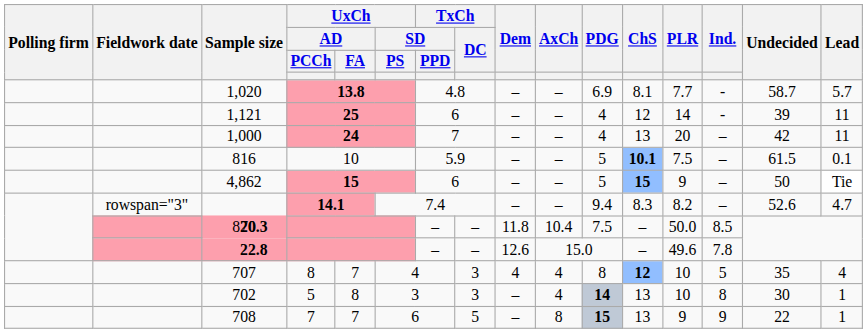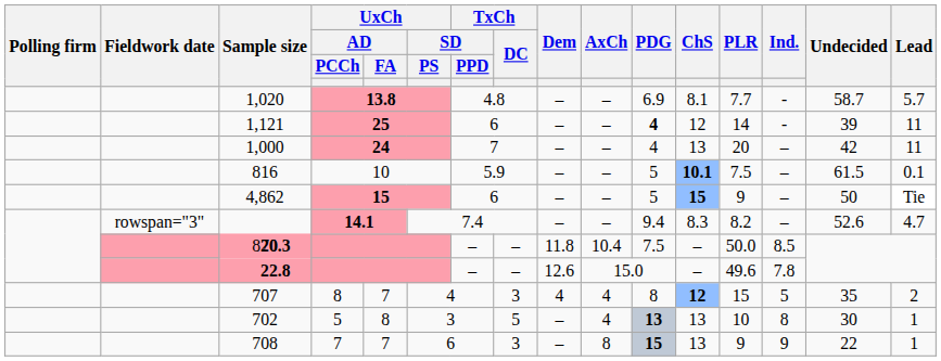 <table class="wikitable sortable tpl-blanktable" style="text-align:center;font-size:90%;line-height:14px;">
 <tr>
 <th rowspan="4">Polling firm</th>
 <th rowspan="4">Fieldwork date</th>
 <th rowspan="4">Sample size</th>
 <th colspan="3"><a href='#'>UxCh</a></th>
 <th colspan="2"><a href='#'>TxCh</a></th>
 <th rowspan="3" class="unsortable" style="width:30px;"><a href='#'>Dem</a></th>
 <th rowspan="3" class="unsortable" style="width:30px;"><a href='#'>AxCh</a></th>
 <th rowspan="3" class="unsortable" style="width:30px;"><a href='#'>PDG</a></th>
 <th rowspan="3" class="unsortable" style="width:30px;"><a href='#'>ChS</a></th>
 <th rowspan="3" class="unsortable" style="width:30px;"><a href='#'>PLR</a></th>
 <th rowspan="3" class="unsortable" style="width:30px;"><a href='#'>Ind.</a></th>
 <th rowspan="4" class="unsortable" style="width:30px;">Undecided</th>
 <th rowspan="4">Lead</th>
 </tr>
 <tr>
 <th colspan="2"><a href='#'>AD</a></th>
 <th colspan="2"><a href='#'>SD</a></th>
 <th rowspan="2" class="unsortable" style="width:30px;"><a href='#'>DC</a></th>
 </tr>
 <tr>
 <th class="unsortable" style="width:30px;"><a href='#'>PCCh</a></th>
 <th class="unsortable" style="width:30px;"><a href='#'>FA</a></th>
 <th class="unsortable" style="width:30px;"><a href='#'>PS</a></th>
 <th class="unsortable" style="width:30px;"><a href='#'>PPD</a></th>
 </tr>
 <tr>
 <th data-sort-type="number" style="background:"></th>
 <th data-sort-type="number" style="background:"></th>
 <th data-sort-type="number" style="background:"></th>
 <th data-sort-type="number" style="background:"></th>
 <th data-sort-type="number" style="background:"></th>
 <th data-sort-type="number" style="background:"></th>
 <th data-sort-type="number" style="background:"></th>
 <th data-sort-type="number" style="background:"></th>
 <th data-sort-type="number" style="background:"></th>
 <th data-sort-type="number" style="background:"></th>
 <th data-sort-type="number" style="background:"></th>
 </tr>
 <tr>
 <td></td>
 <td></td>
 <td>1,020</td>
 <td colspan="3"style="background:#FD9FAD;"><strong>13.8</strong></td>
 <td colspan="2">4.8</td>
 <td>–</td>
 <td>–</td>
 <td>6.9</td>
 <td>8.1</td>
 <td>7.7</td>
 <td>-</td>
 <td>58.7</td>
 <td style="background:">5.7</td>
 </tr>
 <tr>
 <td></td>
 <td></td>
 <td>1,121</td>
 <td colspan="3"style="background:#FD9FAD;"><strong>25</strong></td>
 <td colspan="2">6</td>
 <td>–</td>
 <td>–</td>
-<td>4</td>
+<td><strong>4</strong></td>
 <td>12</td>
 <td>14</td>
 <td>-</td>
 <td>39</td>
 <td style="background:">11</td>
 </tr>
 <tr>
 <td></td>
 <td></td>
 <td>1,000</td>
 <td colspan="3" style="background:#FD9FAD;"><strong>24</strong></td>
 <td colspan="2">7</td>
 <td>–</td>
 <td>–</td>
 <td>4</td>
 <td>13</td>
 <td>20</td>
 <td>–</td>
 <td>42</td>
 <td style="background:">11</td>
 </tr>
 <tr>
 <td></td>
 <td></td>
 <td>816</td>
 <td colspan=3>10</td>
 <td colspan=2>5.9</td>
 <td>–</td>
 <td>–</td>
 <td>5</td>
 <td style="background:#91BEFF;"><strong>10.1</strong></td>
 <td>7.5</td>
 <td>–</td>
 <td>61.5</td>
 <td style="background:">0.1</td>
 </tr>
 <tr>
 <td></td>
 <td></td>
 <td>4,862</td>
 <td colspan="3" style="background:#FD9FAD;"><strong>15</strong></td>
 <td colspan="2">6</td>
 <td>–</td>
 <td>–</td>
 <td>5</td>
 <td style="background:#91BEFF;"><strong>15</strong></td>
 <td>9</td>
 <td>–</td>
 <td>50</td>
 <td style="background:#FFFFFF;">Tie</td>
 </tr>
 <tr>
 <td rowspan="3"></td>
 <td>rowspan="3" </td>
 <td rowspan="3">870</td>
 <td colspan="2" style="background:#FD9FAD;"><strong>14.1</strong></td>
 <td colspan="3">7.4</td>
 <td>–</td>
 <td>–</td>
 <td>9.4</td>
 <td>8.3</td>
 <td>8.2</td>
 <td>–</td>
 <td>52.6</td>
 <td style="background:">4.7</td>
 </tr>
 <tr>
 <td colspan="5" style="background:#FD9FAD;"><strong>20.3</strong></td>
 <td>–</td>
 <td>–</td>
 <td>11.8</td>
 <td>10.4</td>
 <td>7.5</td>
 <td>–</td>
 <td>50.0</td>
 <td style="background:">8.5</td>
 </tr>
 <tr>
 <td colspan="5" style="background:#FD9FAD;"><strong>22.8</strong></td>
 <td>–</td>
 <td>–</td>
 <td>12.6</td>
 <td colspan="2">15.0</td>
 <td>–</td>
 <td>49.6</td>
 <td style="background:">7.8</td>
 </tr>
 <tr>
 <td></td>
 <td></td>
 <td>707</td>
 <td>8</td>
 <td>7</td>
 <td colspan="2">4</td>
 <td>3</td>
 <td>4</td>
 <td>4</td>
 <td>8</td>
 <td style="background:#91BEFF;"><strong>12</strong></td>
-<td>10</td>
+<td>15</td>
 <td>5</td>
 <td>35</td>
-<td style="background:">4</td>
+<td style="background:">2</td>
 </tr>
 <tr>
 <td></td>
 <td></td>
 <td>702</td>
 <td>5</td>
 <td>8</td>
 <td colspan="2">3</td>
-<td>3</td>
+<td>5</td>
 <td>–</td>
 <td>4</td>
-<td style="background:#bfc9d6;"><strong>14</strong></td>
+<td style="background:#bfc9d6;"><strong>13</strong></td>
 <td>13</td>
 <td>10</td>
 <td>8</td>
 <td>30</td>
 <td style="background:">1</td>
 </tr>
 <tr>
 <td></td>
 <td></td>
 <td>708</td>
 <td>7</td>
 <td>7</td>
 <td colspan="2">6</td>
-<td>5</td>
+<td>3</td>
 <td>–</td>
 <td>8</td>
 <td style="background:#bfc9d6;"><strong>15</strong></td>
 <td>13</td>
 <td>9</td>
 <td>9</td>
 <td>22</td>
 <td style="background:">1</td>
 </tr>
 </table>
